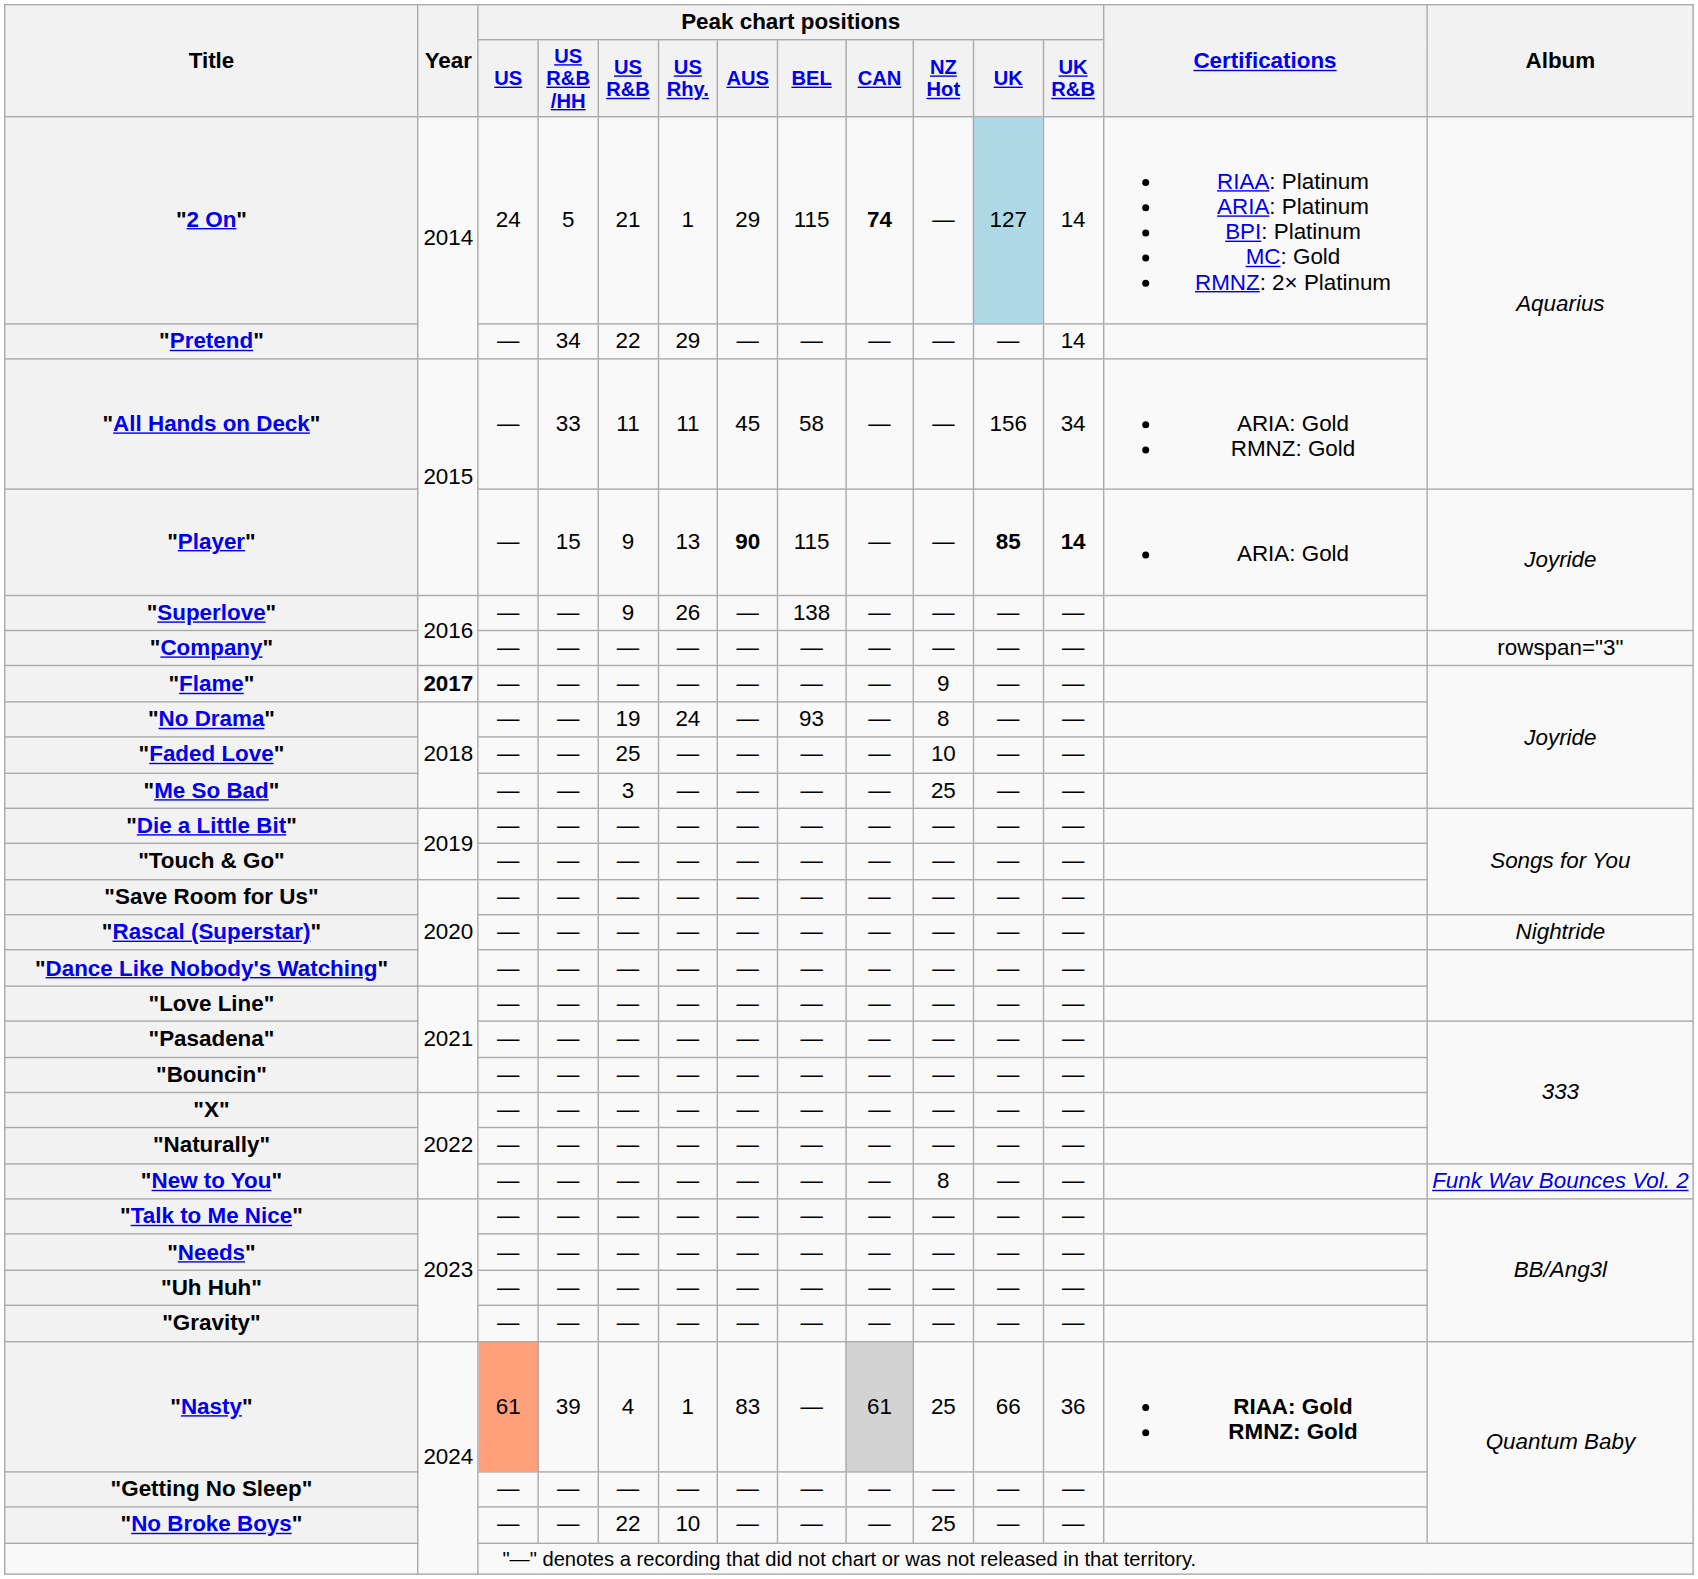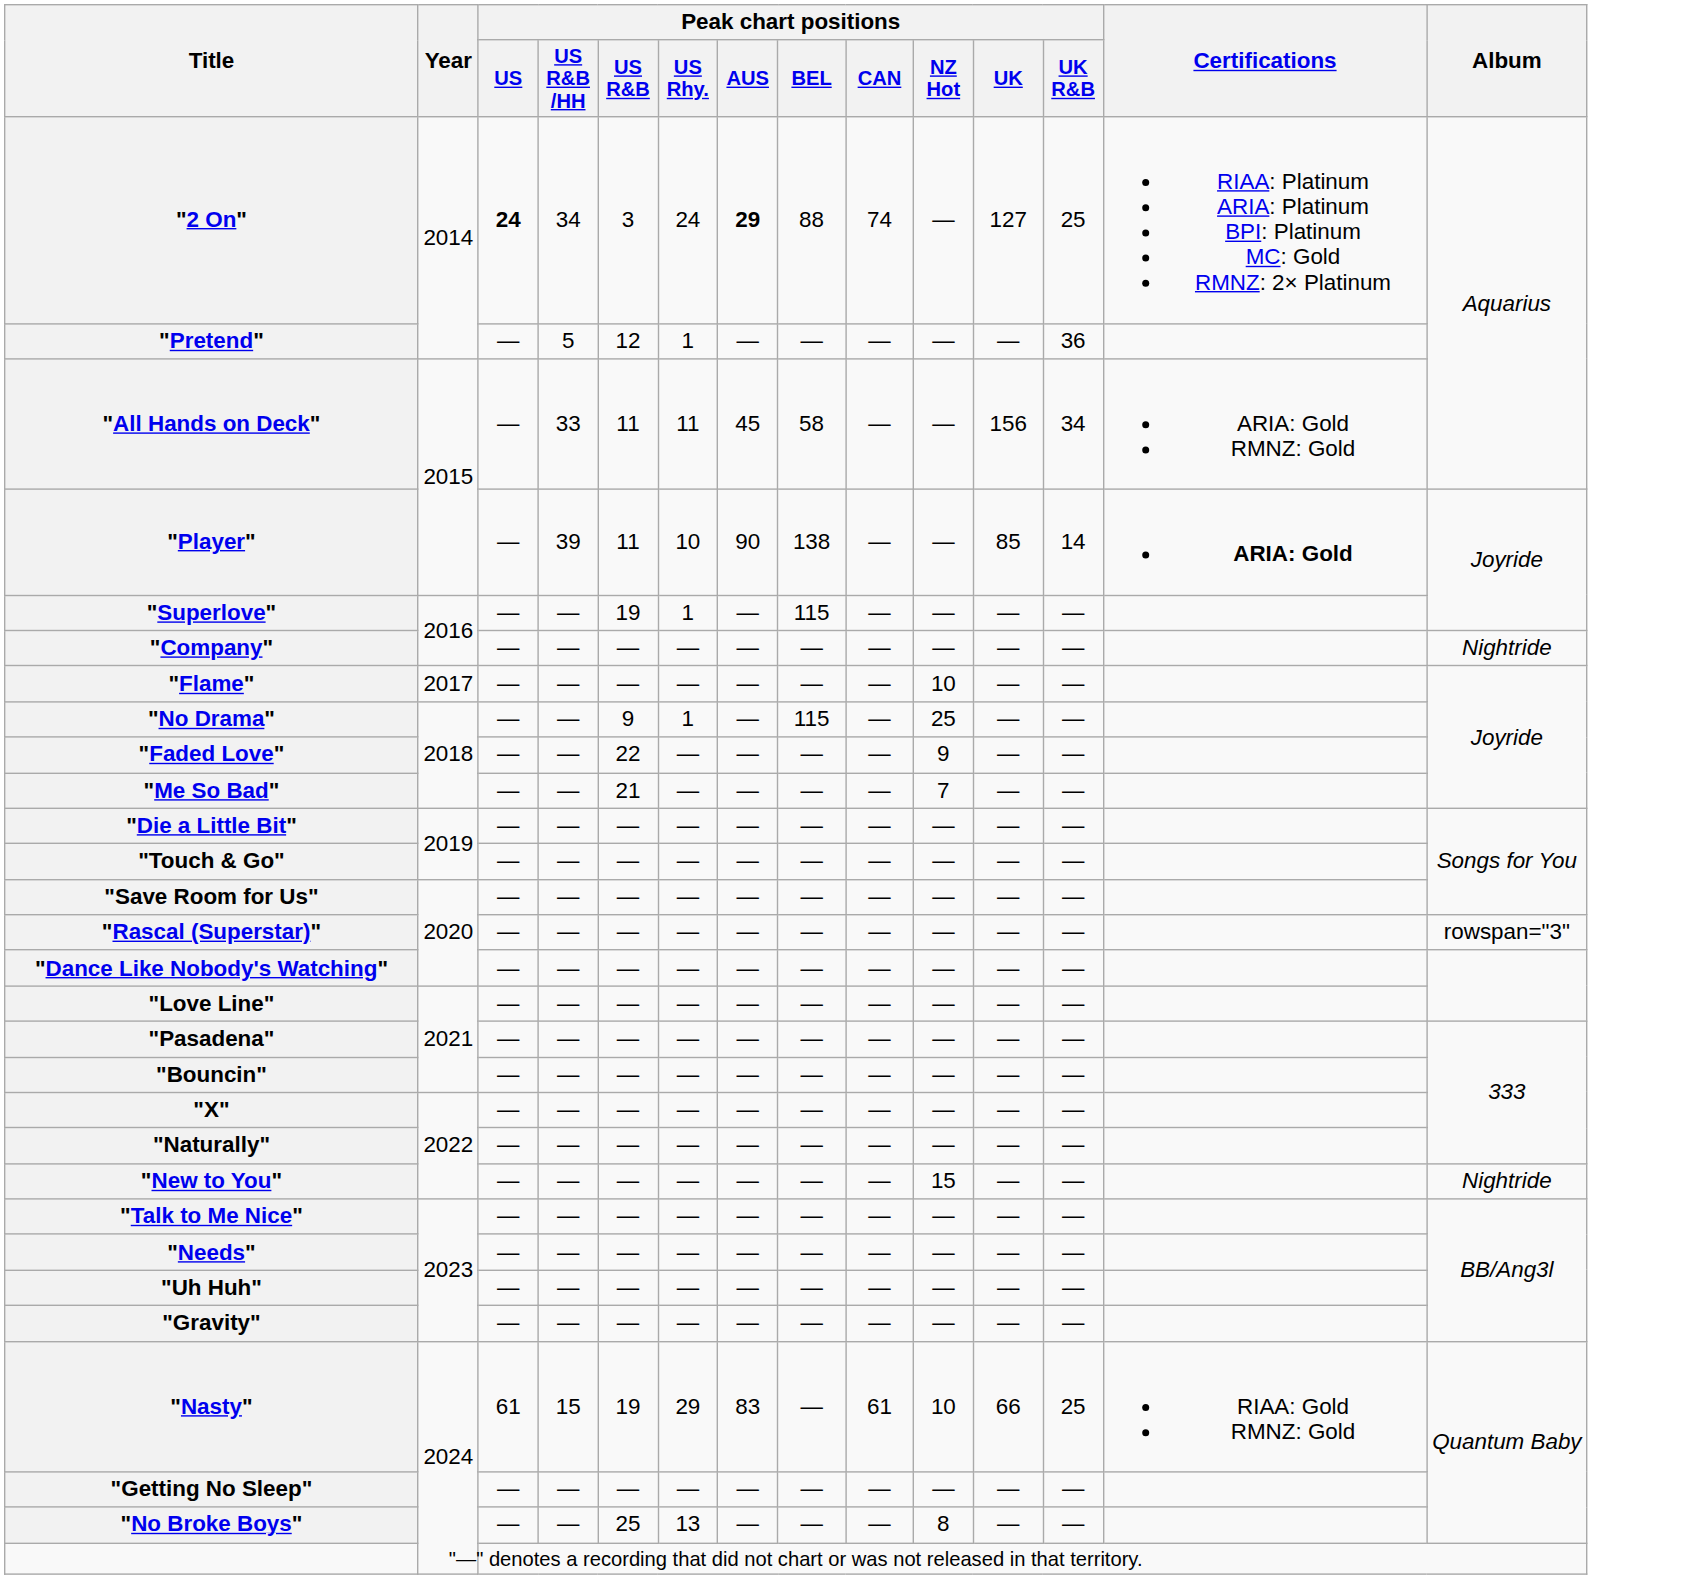 <table class="wikitable plainrowheaders" style="text-align:center;">
 <tr>
 <th scope="col" rowspan="2" style="width:18em;">Title</th>
 <th scope="col" rowspan="2">Year</th>
 <th scope="col" colspan="10">Peak chart positions</th>
 <th scope="col" rowspan="2" style="width:14em;"><a href='#'>Certifications</a></th>
 <th scope="col" rowspan="2">Album</th>
 </tr>
 <tr>
 <th scope="col" style="width:2.5em;font-size:90%;"><a href='#'>US</a><br></th>
 <th scope="col" style="width:2.5em;font-size:90%;"><a href='#'>US<br>R&B<br>/HH</a><br></th>
 <th scope="col" style="width:2.5em;font-size:90%;"><a href='#'>US<br>R&B</a><br></th>
 <th scope="col" style="width:2.5em;font-size:90%;"><a href='#'>US<br>Rhy.</a><br></th>
 <th scope="col" style="width:2.5em;font-size:90%;"><a href='#'>AUS</a><br></th>
 <th scope="col" style="width:2.9em;font-size:90%;"><a href='#'>BEL</a><br></th>
 <th scope="col" style="width:2.9em;font-size:90%;"><a href='#'>CAN</a><br></th>
 <th scope="col" style="width:2.5em;font-size:90%;"><a href='#'>NZ<br>Hot</a><br></th>
 <th scope="col" style="width:3em;font-size:90%;"><a href='#'>UK</a><br></th>
 <th scope="col" style="width:2.5em;font-size:90%;"><a href='#'>UK<br>R&B</a><br></th>
 </tr>
 <tr>
 <th scope="row">"<a href='#'>2 On</a>"<br></th>
 <td rowspan="2">2014</td>
+<td><strong>24</strong></td>
+<td>34</td>
+<td>3</td>
 <td>24</td>
-<td>5</td>
-<td>21</td>
-<td>1</td>
-<td>29</td>
-<td>115</td>
-<td><strong>74</strong></td>
+<td><strong>29</strong></td>
+<td>88</td>
+<td>74</td>
 <td>—</td>
-<td style="background: lightblue;">127</td>
-<td>14</td>
+<td>127</td>
+<td>25</td>
 <td><br><ul><li><a href='#'>RIAA</a>: Platinum</li><li><a href='#'>ARIA</a>: Platinum</li><li><a href='#'>BPI</a>: Platinum</li><li><a href='#'>MC</a>: Gold</li><li><a href='#'>RMNZ</a>: 2× Platinum</li></ul></td>
 <td rowspan="3"><em>Aquarius</em></td>
 </tr>
 <tr>
 <th scope="row">"<a href='#'>Pretend</a>"<br></th>
 <td>—</td>
-<td>34</td>
-<td>22</td>
-<td>29</td>
+<td>5</td>
+<td>12</td>
+<td>1</td>
 <td>—</td>
 <td>—</td>
 <td>—</td>
 <td>—</td>
 <td>—</td>
-<td>14</td>
+<td>36</td>
 <td></td>
 </tr>
 <tr>
 <th scope="row">"<a href='#'>All Hands on Deck</a>"<br></th>
 <td rowspan="2">2015</td>
 <td>—</td>
 <td>33</td>
 <td>11</td>
 <td>11</td>
 <td>45</td>
 <td>58</td>
 <td>—</td>
 <td>—</td>
 <td>156</td>
 <td>34</td>
 <td><br><ul><li>ARIA: Gold</li><li>RMNZ: Gold</li></ul></td>
 </tr>
 <tr>
 <th scope="row">"<a href='#'>Player</a>"<br></th>
 <td>—</td>
-<td>15</td>
-<td>9</td>
-<td>13</td>
-<td><strong>90</strong></td>
-<td>115</td>
+<td>39</td>
+<td>11</td>
+<td>10</td>
+<td>90</td>
+<td>138</td>
 <td>—</td>
 <td>—</td>
-<td><strong>85</strong></td>
-<td><strong>14</strong></td>
-<td><br><ul><li>ARIA: Gold</li></ul></td>
+<td>85</td>
+<td>14</td>
+<td><strong><br><ul><li>ARIA: Gold</li></ul></strong></td>
 <td rowspan="2"><em>Joyride</em></td>
 </tr>
 <tr>
 <th scope="row">"<a href='#'>Superlove</a>"</th>
 <td rowspan="2">2016</td>
 <td>—</td>
 <td>—</td>
-<td>9</td>
-<td>26</td>
+<td>19</td>
+<td>1</td>
 <td>—</td>
-<td>138</td>
+<td>115</td>
 <td>—</td>
 <td>—</td>
 <td>—</td>
 <td>—</td>
 <td></td>
 </tr>
 <tr>
 <th scope="row">"<a href='#'>Company</a>"</th>
 <td>—</td>
 <td>—</td>
 <td>—</td>
 <td>—</td>
 <td>—</td>
 <td>—</td>
 <td>—</td>
 <td>—</td>
 <td>—</td>
 <td>—</td>
 <td></td>
-<td>rowspan="3" </td>
+<td><em>Nightride</em></td>
 </tr>
 <tr>
 <th scope="row">"<a href='#'>Flame</a>"</th>
-<td><strong>2017</strong></td>
+<td>2017</td>
 <td>—</td>
 <td>—</td>
 <td>—</td>
 <td>—</td>
 <td>—</td>
 <td>—</td>
 <td>—</td>
-<td>9</td>
+<td>10</td>
 <td>—</td>
 <td>—</td>
 <td></td>
 <td rowspan="4"><em>Joyride</em></td>
 </tr>
 <tr>
 <th scope="row">"<a href='#'>No Drama</a>"<br></th>
 <td rowspan="3">2018</td>
 <td>—</td>
 <td>—</td>
-<td>19</td>
-<td>24</td>
+<td>9</td>
+<td>1</td>
 <td>—</td>
-<td>93</td>
+<td>115</td>
 <td>—</td>
-<td>8</td>
+<td>25</td>
 <td>—</td>
 <td>—</td>
 <td></td>
 </tr>
 <tr>
 <th scope="row">"<a href='#'>Faded Love</a>"<br></th>
 <td>—</td>
 <td>—</td>
-<td>25</td>
+<td>22</td>
 <td>—</td>
 <td>—</td>
 <td>—</td>
 <td>—</td>
-<td>10</td>
+<td>9</td>
 <td>—</td>
 <td>—</td>
 <td></td>
 </tr>
 <tr>
 <th scope="row">"<a href='#'>Me So Bad</a>"<br></th>
 <td>—</td>
 <td>—</td>
-<td>3</td>
+<td>21</td>
 <td>—</td>
 <td>—</td>
 <td>—</td>
 <td>—</td>
-<td>25</td>
+<td>7</td>
 <td>—</td>
 <td>—</td>
 <td></td>
 </tr>
 <tr>
 <th scope="row">"<a href='#'>Die a Little Bit</a>"<br></th>
 <td rowspan="2">2019</td>
 <td>—</td>
 <td>—</td>
 <td>—</td>
 <td>—</td>
 <td>—</td>
 <td>—</td>
 <td>—</td>
 <td>—</td>
 <td>—</td>
 <td>—</td>
 <td></td>
 <td rowspan="3"><em>Songs for You</em></td>
 </tr>
 <tr>
 <th scope="row">"Touch & Go"<br></th>
 <td>—</td>
 <td>—</td>
 <td>—</td>
 <td>—</td>
 <td>—</td>
 <td>—</td>
 <td>—</td>
 <td>—</td>
 <td>—</td>
 <td>—</td>
 <td></td>
 </tr>
 <tr>
 <th scope="row">"Save Room for Us"<br></th>
 <td rowspan="3">2020</td>
 <td>—</td>
 <td>—</td>
 <td>—</td>
 <td>—</td>
 <td>—</td>
 <td>—</td>
 <td>—</td>
 <td>—</td>
 <td>—</td>
 <td>—</td>
 <td></td>
 </tr>
 <tr>
 <th scope="row">"<a href='#'>Rascal (Superstar)</a>"</th>
 <td>—</td>
 <td>—</td>
 <td>—</td>
 <td>—</td>
 <td>—</td>
 <td>—</td>
 <td>—</td>
 <td>—</td>
 <td>—</td>
 <td>—</td>
 <td></td>
-<td><em>Nightride</em></td>
+<td>rowspan="3" </td>
 </tr>
 <tr>
 <th scope="row">"<a href='#'>Dance Like Nobody's Watching</a>"<br></th>
 <td>—</td>
 <td>—</td>
 <td>—</td>
 <td>—</td>
 <td>—</td>
 <td>—</td>
 <td>—</td>
 <td>—</td>
 <td>—</td>
 <td>—</td>
 <td></td>
 </tr>
 <tr>
 <th scope="row">"Love Line"<br></th>
 <td rowspan="3">2021</td>
 <td>—</td>
 <td>—</td>
 <td>—</td>
 <td>—</td>
 <td>—</td>
 <td>—</td>
 <td>—</td>
 <td>—</td>
 <td>—</td>
 <td>—</td>
 <td></td>
 </tr>
 <tr>
 <th scope="row">"Pasadena"<br></th>
 <td>—</td>
 <td>—</td>
 <td>—</td>
 <td>—</td>
 <td>—</td>
 <td>—</td>
 <td>—</td>
 <td>—</td>
 <td>—</td>
 <td>—</td>
 <td></td>
 <td rowspan="4"><em>333</em></td>
 </tr>
 <tr>
 <th scope="row">"Bouncin"</th>
 <td>—</td>
 <td>—</td>
 <td>—</td>
 <td>—</td>
 <td>—</td>
 <td>—</td>
 <td>—</td>
 <td>—</td>
 <td>—</td>
 <td>—</td>
 <td></td>
 </tr>
 <tr>
 <th scope="row">"X"<br></th>
 <td rowspan="3">2022</td>
 <td>—</td>
 <td>—</td>
 <td>—</td>
 <td>—</td>
 <td>—</td>
 <td>—</td>
 <td>—</td>
 <td>—</td>
 <td>—</td>
 <td>—</td>
 <td></td>
 </tr>
 <tr>
 <th scope="row">"Naturally"</th>
 <td>—</td>
 <td>—</td>
 <td>—</td>
 <td>—</td>
 <td>—</td>
 <td>—</td>
 <td>—</td>
 <td>—</td>
 <td>—</td>
 <td>—</td>
 <td></td>
 </tr>
 <tr>
 <th scope="row">"<a href='#'>New to You</a>"<br></th>
 <td>—</td>
 <td>—</td>
 <td>—</td>
 <td>—</td>
 <td>—</td>
 <td>—</td>
 <td>—</td>
-<td>8</td>
+<td>15</td>
 <td>—</td>
 <td>—</td>
 <td></td>
-<td><em><a href='#'>Funk Wav Bounces Vol. 2</a></em></td>
+<td><em>Nightride</em></td>
 </tr>
 <tr>
 <th scope="row">"<a href='#'>Talk to Me Nice</a>"</th>
 <td rowspan="4">2023</td>
 <td>—</td>
 <td>—</td>
 <td>—</td>
 <td>—</td>
 <td>—</td>
 <td>—</td>
 <td>—</td>
 <td>—</td>
 <td>—</td>
 <td>—</td>
 <td></td>
 <td rowspan="4"><em>BB/Ang3l</em></td>
 </tr>
 <tr>
 <th scope="row">"<a href='#'>Needs</a>"</th>
 <td>—</td>
 <td>—</td>
 <td>—</td>
 <td>—</td>
 <td>—</td>
 <td>—</td>
 <td>—</td>
 <td>—</td>
 <td>—</td>
 <td>—</td>
 <td></td>
 </tr>
 <tr>
 <th scope="row">"Uh Huh"</th>
 <td>—</td>
 <td>—</td>
 <td>—</td>
 <td>—</td>
 <td>—</td>
 <td>—</td>
 <td>—</td>
 <td>—</td>
 <td>—</td>
 <td>—</td>
 <td></td>
 </tr>
 <tr>
 <th scope="row">"Gravity"</th>
 <td>—</td>
 <td>—</td>
 <td>—</td>
 <td>—</td>
 <td>—</td>
 <td>—</td>
 <td>—</td>
 <td>—</td>
 <td>—</td>
 <td>—</td>
 <td></td>
 </tr>
 <tr>
 <th scope="row">"<a href='#'>Nasty</a>"</th>
 <td rowspan="4">2024</td>
-<td style="background: lightsalmon;">61</td>
-<td>39</td>
-<td>4</td>
-<td>1</td>
+<td>61</td>
+<td>15</td>
+<td>19</td>
+<td>29</td>
 <td>83</td>
 <td>—</td>
-<td style="background: lightgrey;">61</td>
+<td>61</td>
+<td>10</td>
+<td>66</td>
 <td>25</td>
-<td>66</td>
-<td>36</td>
-<td><strong><br><ul><li>RIAA: Gold</li><li>RMNZ: Gold</li></ul></strong></td>
+<td><br><ul><li>RIAA: Gold</li><li>RMNZ: Gold</li></ul></td>
 <td rowspan="3"><em>Quantum Baby</em></td>
 </tr>
 <tr>
 <th scope="row">"Getting No Sleep"</th>
 <td>—</td>
 <td>—</td>
 <td>—</td>
 <td>—</td>
 <td>—</td>
 <td>—</td>
 <td>—</td>
 <td>—</td>
 <td>—</td>
 <td>—</td>
 <td></td>
 </tr>
 <tr>
 <th scope="row">"<a href='#'>No Broke Boys</a>"</th>
 <td>—</td>
 <td>—</td>
-<td>22</td>
-<td>10</td>
+<td>25</td>
+<td>13</td>
 <td>—</td>
 <td>—</td>
 <td>—</td>
-<td>25</td>
+<td>8</td>
 <td>—</td>
 <td>—</td>
 <td></td>
 </tr>
 <tr>
 <td style="font-size:90%" colspan="14">"—" denotes a recording that did not chart or was not released in that territory.</td>
 </tr>
 </table>
